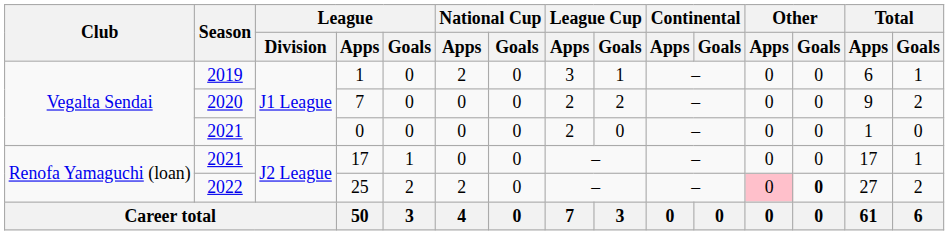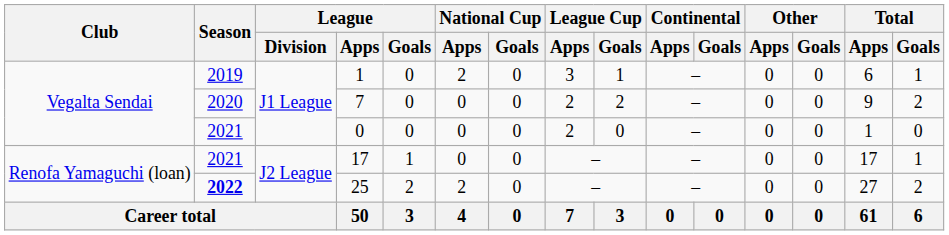 <table class="wikitable" style="text-align: center">
 <tr>
 <th rowspan="2">Club</th>
 <th rowspan="2">Season</th>
 <th colspan="3">League</th>
 <th colspan="2">National Cup</th>
 <th colspan="2">League Cup</th>
 <th colspan="2">Continental</th>
 <th colspan="2">Other</th>
 <th colspan="2">Total</th>
 </tr>
 <tr>
 <th>Division</th>
 <th>Apps</th>
 <th>Goals</th>
 <th>Apps</th>
 <th>Goals</th>
 <th>Apps</th>
 <th>Goals</th>
 <th>Apps</th>
 <th>Goals</th>
 <th>Apps</th>
 <th>Goals</th>
 <th>Apps</th>
 <th>Goals</th>
 </tr>
 <tr>
 <td rowspan="3"><a href='#'>Vegalta Sendai</a></td>
 <td><a href='#'>2019</a></td>
 <td rowspan="3"><a href='#'>J1 League</a></td>
 <td>1</td>
 <td>0</td>
 <td>2</td>
 <td>0</td>
 <td>3</td>
 <td>1</td>
 <td colspan="2">–</td>
 <td>0</td>
 <td>0</td>
 <td>6</td>
 <td>1</td>
 </tr>
 <tr>
 <td><a href='#'>2020</a></td>
 <td>7</td>
 <td>0</td>
 <td>0</td>
 <td>0</td>
 <td>2</td>
 <td>2</td>
 <td colspan="2">–</td>
 <td>0</td>
 <td>0</td>
 <td>9</td>
 <td>2</td>
 </tr>
 <tr>
 <td><a href='#'>2021</a></td>
 <td>0</td>
 <td>0</td>
 <td>0</td>
 <td>0</td>
 <td>2</td>
 <td>0</td>
 <td colspan="2">–</td>
 <td>0</td>
 <td>0</td>
 <td>1</td>
 <td>0</td>
 </tr>
 <tr>
 <td rowspan="2"><a href='#'>Renofa Yamaguchi</a> (loan)</td>
 <td><a href='#'>2021</a></td>
 <td rowspan="2"><a href='#'>J2 League</a></td>
 <td>17</td>
 <td>1</td>
 <td>0</td>
 <td>0</td>
 <td colspan="2">–</td>
 <td colspan="2">–</td>
 <td>0</td>
 <td>0</td>
 <td>17</td>
 <td>1</td>
 </tr>
 <tr>
-<td><a href='#'>2022</a></td>
+<td><strong><a href='#'>2022</a></strong></td>
 <td>25</td>
 <td>2</td>
 <td>2</td>
 <td>0</td>
 <td colspan="2">–</td>
 <td colspan="2">–</td>
-<td style="background: pink;">0</td>
-<td><strong>0</strong></td>
+<td>0</td>
+<td>0</td>
 <td>27</td>
 <td>2</td>
 </tr>
 <tr>
 <th colspan="3">Career total</th>
 <th>50</th>
 <th>3</th>
 <th>4</th>
 <th>0</th>
 <th>7</th>
 <th>3</th>
 <th>0</th>
 <th>0</th>
 <th>0</th>
 <th>0</th>
 <th>61</th>
 <th>6</th>
 </tr>
 </table>
